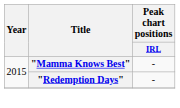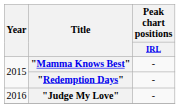 <table class="wikitable plainrowheaders" style="text-align:center;" border="1">
 <tr>
 <th scope="col" rowspan="2">Year</th>
 <th scope="col" rowspan="2">Title</th>
 <th>Peak chart positions</th>
 </tr>
 <tr>
 <th scope="col" style="width:3em;font-size:85%;"><a href='#'>IRL</a><br></th>
 </tr>
 <tr>
 <td rowspan="2">2015</td>
 <th scope="row">"<a href='#'>Mamma Knows Best</a>"</th>
 <td>-</td>
 </tr>
 <tr>
 <th scope="row">"<a href='#'>Redemption Days</a>"</th>
 <td>-</td>
 </tr>
 <tr>
+<td rowspan="1">2016</td>
+<th scope="row">"Judge My Love"</th>
+<td>-</td>
+</tr>
+<tr>
 </tr>
 </table>
